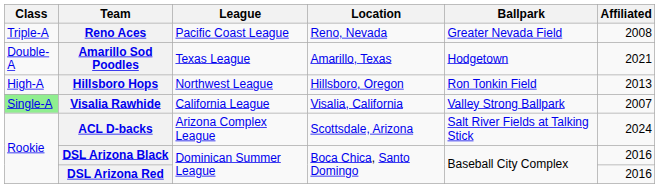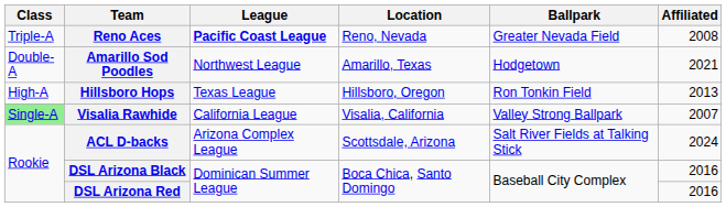 <table class="wikitable plainrowheaders sortable">
 <tr>
 <th scope="col">Class</th>
 <th scope="col">Team</th>
 <th scope="col">League</th>
 <th scope="col">Location</th>
 <th scope="col">Ballpark</th>
 <th scope="col">Affiliated</th>
 </tr>
 <tr>
 <td><a href='#'>Triple-A</a></td>
 <th scope="row"><a href='#'>Reno Aces</a></th>
-<td><a href='#'>Pacific Coast League</a></td>
+<td><strong><a href='#'>Pacific Coast League</a></strong></td>
 <td><a href='#'>Reno, Nevada</a></td>
 <td><a href='#'>Greater Nevada Field</a></td>
 <td align="right">2008</td>
 </tr>
 <tr>
 <td><a href='#'>Double-A</a></td>
 <th scope="row"><a href='#'>Amarillo Sod Poodles</a></th>
-<td><a href='#'>Texas League</a></td>
+<td><a href='#'>Northwest League</a></td>
 <td><a href='#'>Amarillo, Texas</a></td>
 <td><a href='#'>Hodgetown</a></td>
 <td align="right">2021</td>
 </tr>
 <tr>
 <td><a href='#'>High-A</a></td>
 <th scope="row"><a href='#'>Hillsboro Hops</a></th>
-<td><a href='#'>Northwest League</a></td>
+<td><a href='#'>Texas League</a></td>
 <td><a href='#'>Hillsboro, Oregon</a></td>
 <td><a href='#'>Ron Tonkin Field</a></td>
 <td align="right">2013</td>
 </tr>
 <tr>
 <td style="background: lightgreen;"><a href='#'>Single-A</a></td>
 <th scope="row"><a href='#'>Visalia Rawhide</a></th>
 <td><a href='#'>California League</a></td>
 <td><a href='#'>Visalia, California</a></td>
 <td><a href='#'>Valley Strong Ballpark</a></td>
 <td align="right">2007</td>
 </tr>
 <tr>
 <td rowspan=3><a href='#'>Rookie</a></td>
 <th scope="row"><a href='#'>ACL D-backs</a></th>
 <td><a href='#'>Arizona Complex League</a></td>
 <td><a href='#'>Scottsdale, Arizona</a></td>
 <td><a href='#'>Salt River Fields at Talking Stick</a></td>
 <td align="right">2024</td>
 </tr>
 <tr>
 <th scope="row"><a href='#'>DSL Arizona Black</a></th>
 <td rowspan=2><a href='#'>Dominican Summer League</a></td>
 <td rowspan=2><a href='#'>Boca Chica</a>, <a href='#'>Santo Domingo</a></td>
 <td rowspan=2>Baseball City Complex</td>
 <td align="right">2016</td>
 </tr>
 <tr>
 <th scope="row"><a href='#'>DSL Arizona Red</a></th>
 <td align="right">2016</td>
 </tr>
 </table>
